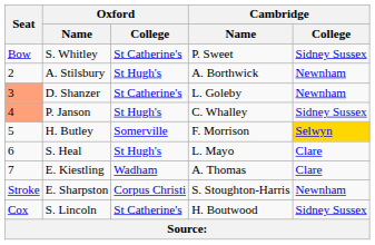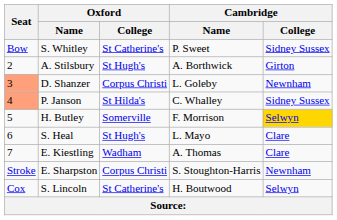 <table class="wikitable">
 <tr>
 <th rowspan="2" scope="col">Seat</th>
 <th colspan="2" scope="col">Oxford <br> </th>
 <th colspan="2" scope="col">Cambridge <br> </th>
 </tr>
 <tr>
 <th>Name</th>
 <th>College</th>
 <th>Name</th>
 <th>College</th>
 </tr>
 <tr>
 <td><a href='#'>Bow</a></td>
 <td>S. Whitley</td>
 <td><a href='#'>St Catherine's</a></td>
 <td>P. Sweet</td>
 <td><a href='#'>Sidney Sussex</a></td>
 </tr>
 <tr>
 <td>2</td>
 <td>A. Stilsbury</td>
 <td><a href='#'>St Hugh's</a></td>
 <td>A. Borthwick</td>
-<td><a href='#'>Newnham</a></td>
+<td><a href='#'>Girton</a></td>
 </tr>
 <tr>
 <td style="background: lightsalmon;">3</td>
 <td>D. Shanzer</td>
-<td><a href='#'>St Catherine's</a></td>
+<td><a href='#'>Corpus Christi</a></td>
 <td>L. Goleby</td>
 <td><a href='#'>Newnham</a></td>
 </tr>
 <tr>
 <td style="background: lightsalmon;">4</td>
 <td>P. Janson</td>
-<td><a href='#'>St Hugh's</a></td>
+<td><a href='#'>St Hilda's</a></td>
 <td>C. Whalley</td>
 <td><a href='#'>Sidney Sussex</a></td>
 </tr>
 <tr>
 <td>5</td>
 <td>H. Butley</td>
 <td><a href='#'>Somerville</a></td>
 <td>F. Morrison</td>
 <td style="background: gold;"><a href='#'>Selwyn</a></td>
 </tr>
 <tr>
 <td>6</td>
 <td>S. Heal</td>
 <td><a href='#'>St Hugh's</a></td>
 <td>L. Mayo</td>
 <td><a href='#'>Clare</a></td>
 </tr>
 <tr>
 <td>7</td>
 <td>E. Kiestling</td>
 <td><a href='#'>Wadham</a></td>
 <td>A. Thomas</td>
 <td><a href='#'>Clare</a></td>
 </tr>
 <tr>
 <td><a href='#'>Stroke</a></td>
 <td>E. Sharpston</td>
 <td><a href='#'>Corpus Christi</a></td>
 <td>S. Stoughton-Harris</td>
 <td><a href='#'>Newnham</a></td>
 </tr>
 <tr>
 <td><a href='#'>Cox</a></td>
 <td>S. Lincoln</td>
 <td><a href='#'>St Catherine's</a></td>
 <td>H. Boutwood</td>
-<td><a href='#'>Sidney Sussex</a></td>
+<td><a href='#'>Selwyn</a></td>
 </tr>
 <tr>
 <th colspan="7">Source:</th>
 </tr>
 </table>
